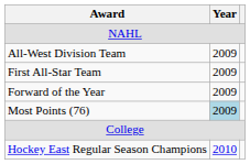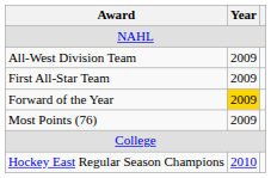 <table class="wikitable">
 <tr>
 <th>Award</th>
 <th>Year</th>
 <th></th>
 </tr>
 <tr ALIGN="center" bgcolor="#e0e0e0">
 <td colspan="3"><a href='#'>NAHL</a></td>
 </tr>
 <tr>
 <td>All-West Division Team</td>
 <td>2009</td>
 <td></td>
 </tr>
 <tr>
 <td>First All-Star Team</td>
 <td>2009</td>
 <td></td>
 </tr>
 <tr>
 <td>Forward of the Year</td>
-<td>2009</td>
+<td style="background: gold;">2009</td>
 <td></td>
 </tr>
 <tr>
 <td>Most Points (76)</td>
-<td style="background: lightblue;">2009</td>
+<td>2009</td>
 <td></td>
 </tr>
 <tr ALIGN="center" bgcolor="#e0e0e0">
 <td colspan="3"><a href='#'>College</a></td>
 </tr>
 <tr>
 <td><a href='#'>Hockey East</a> Regular Season Champions</td>
 <td><a href='#'>2010</a></td>
 <td></td>
 </tr>
 </table>
